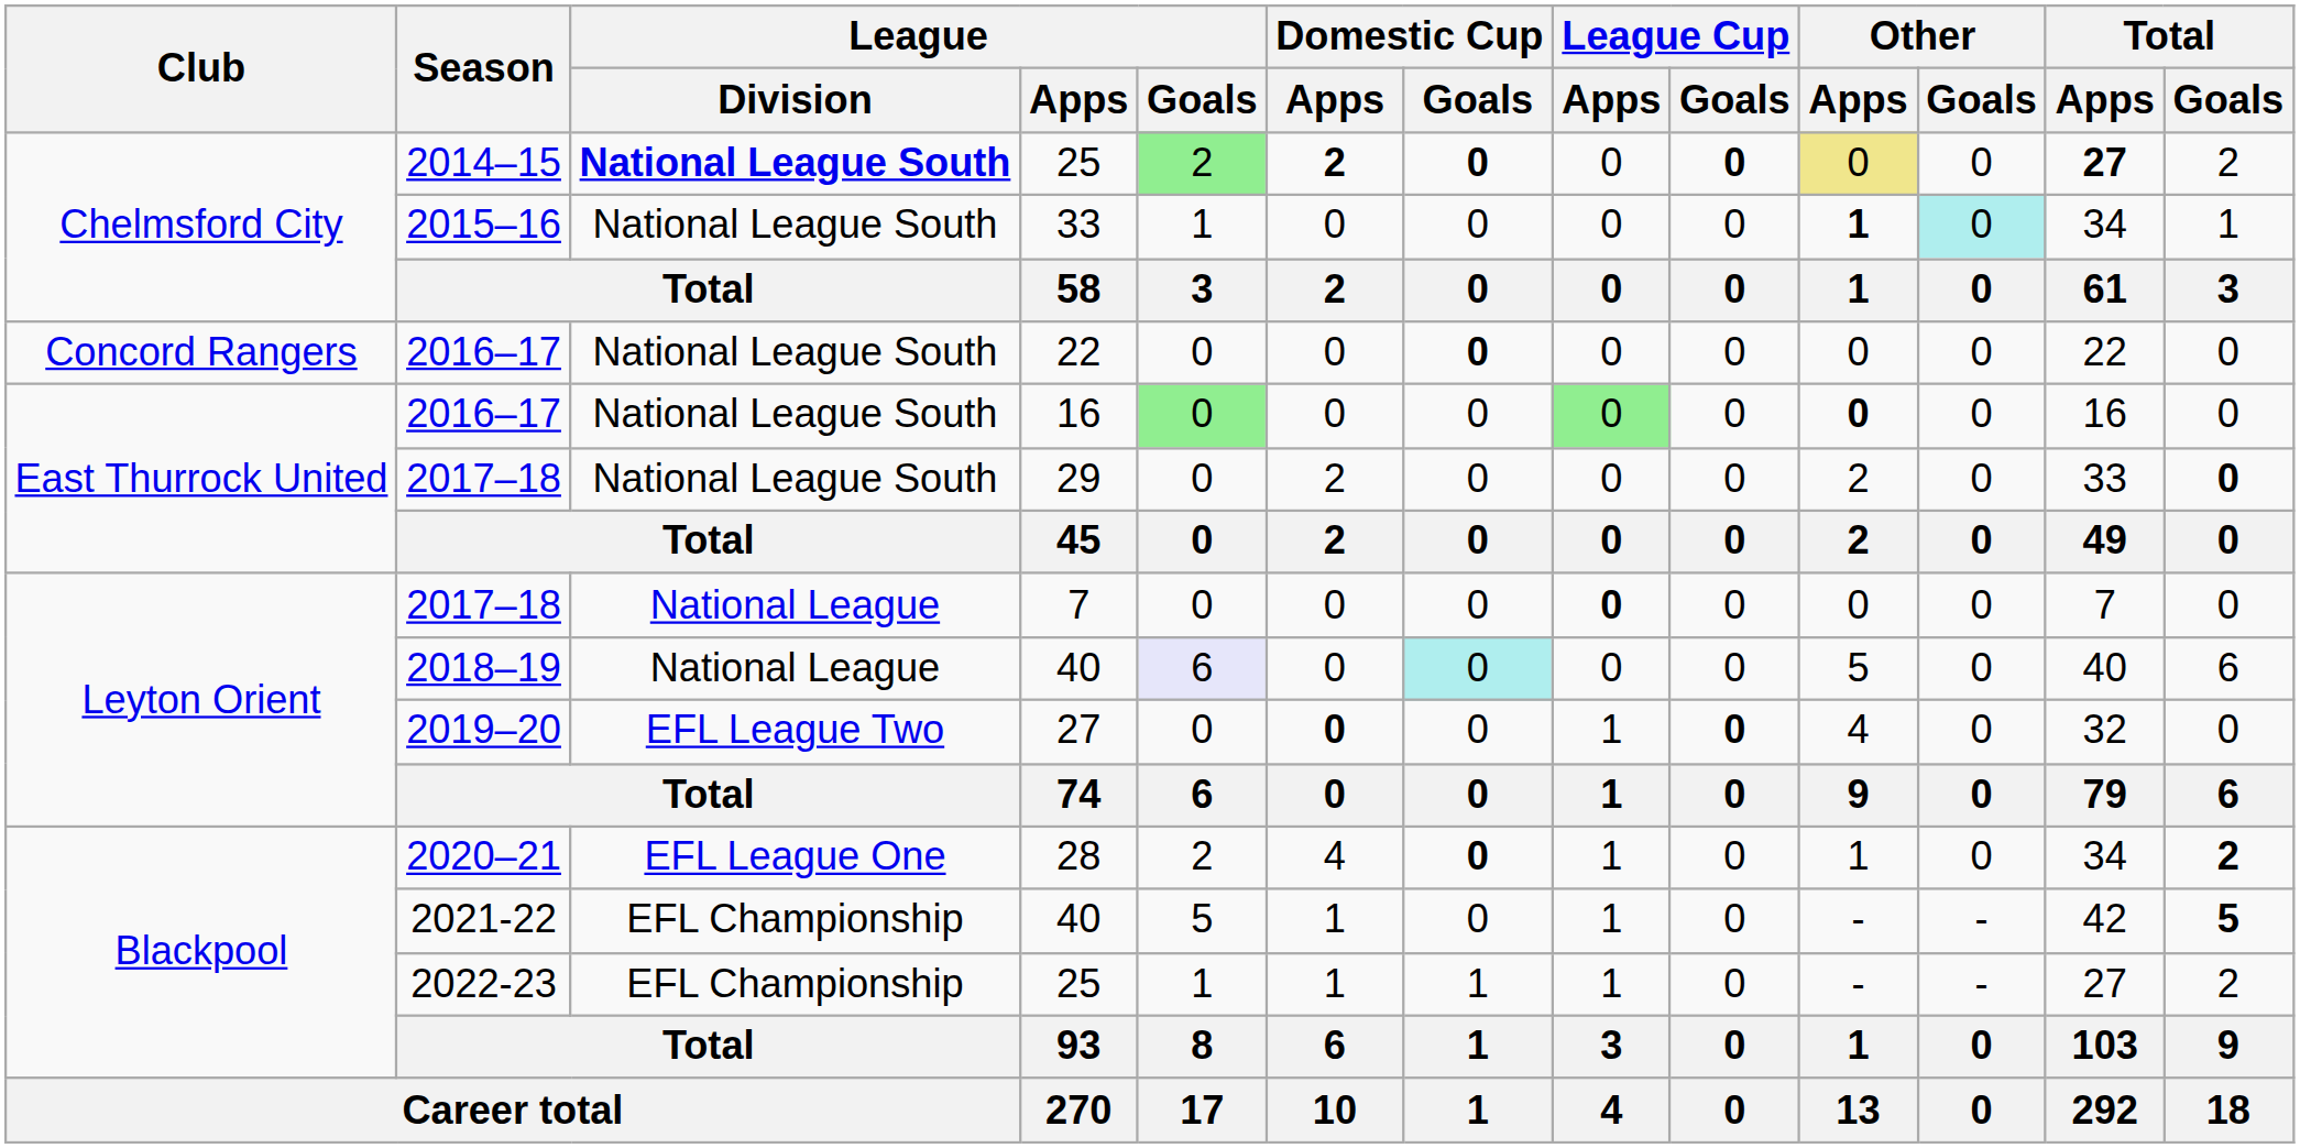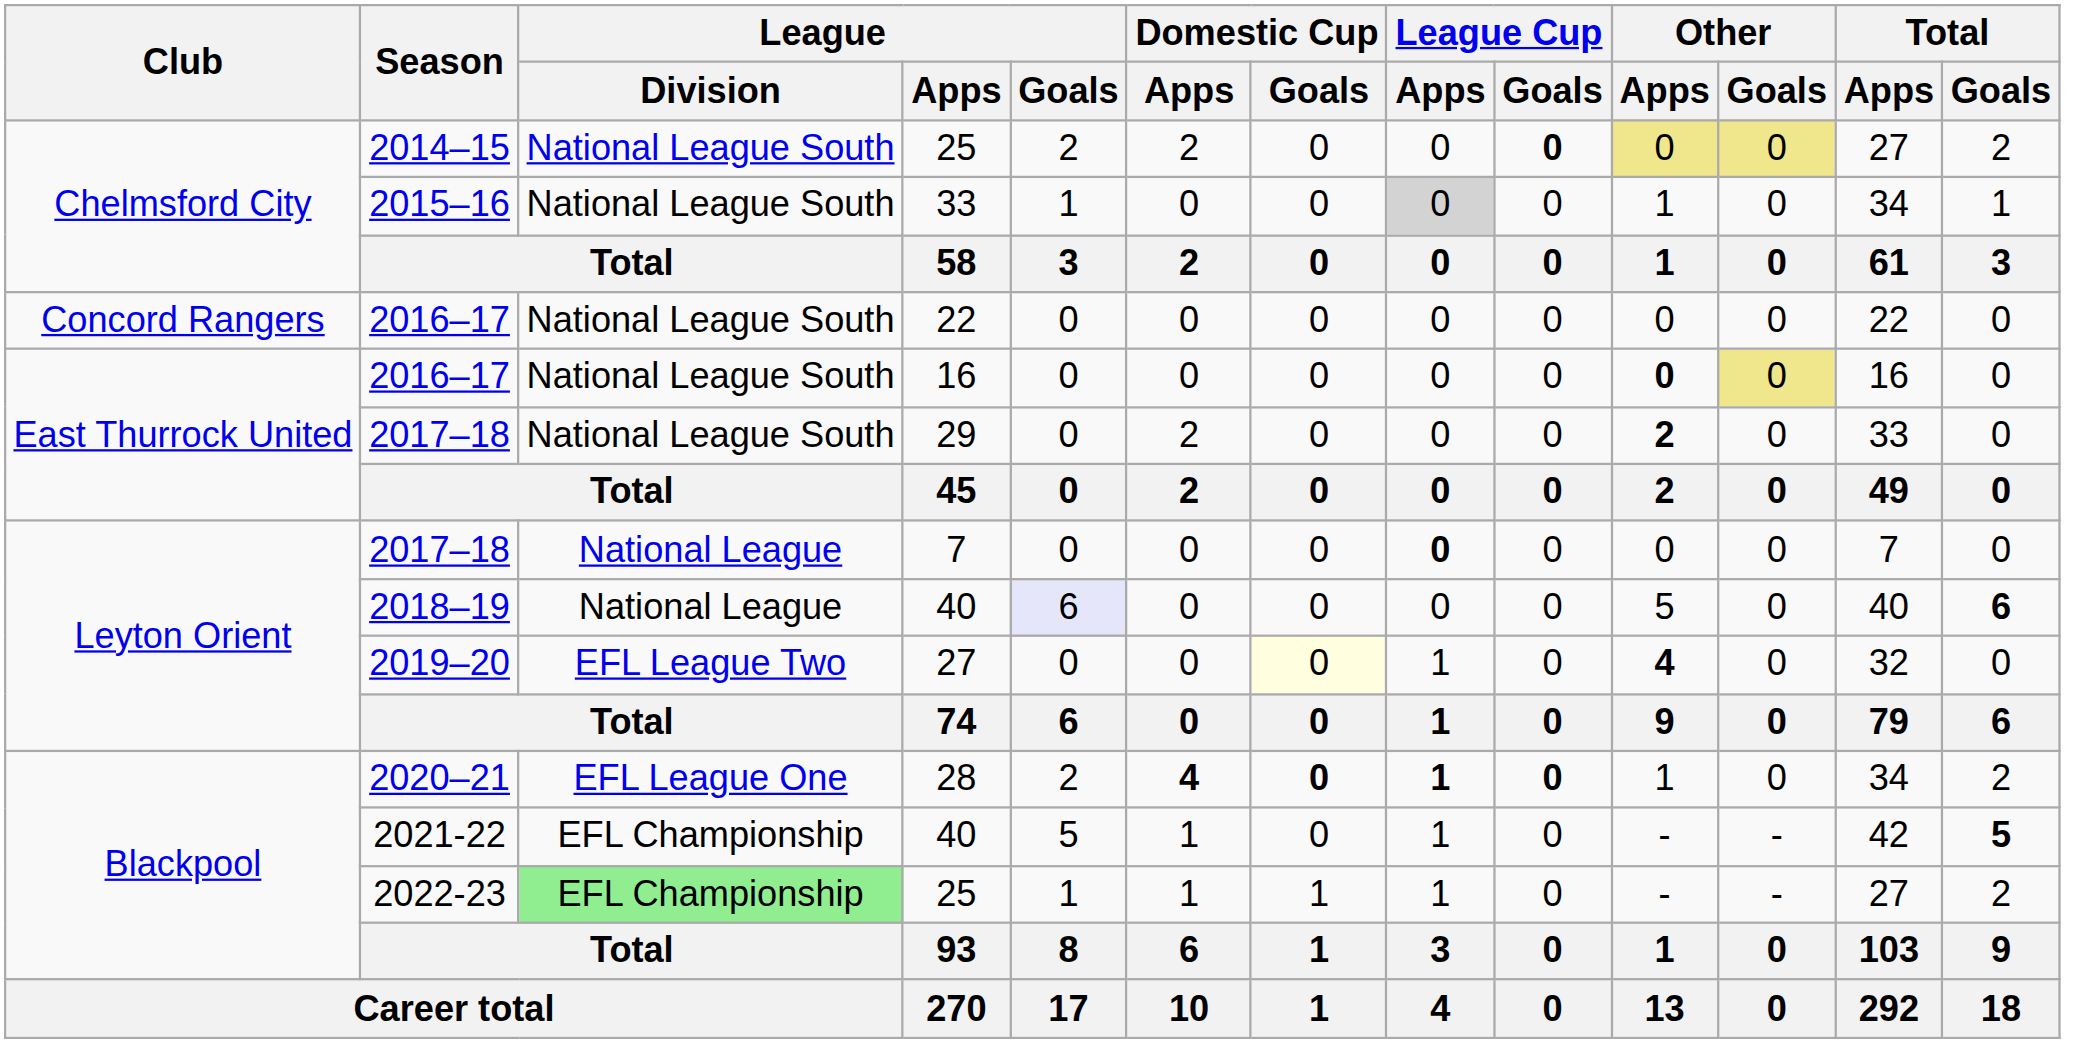 <table class="wikitable" style="text-align:center">
 <tr>
 <th rowspan="2">Club</th>
 <th rowspan="2">Season</th>
 <th colspan="3">League</th>
 <th colspan="2">Domestic Cup</th>
 <th colspan="2"><a href='#'>League Cup</a></th>
 <th colspan="2">Other</th>
 <th colspan="2">Total</th>
 </tr>
 <tr>
 <th>Division</th>
 <th>Apps</th>
 <th>Goals</th>
 <th>Apps</th>
 <th>Goals</th>
 <th>Apps</th>
 <th>Goals</th>
 <th>Apps</th>
 <th>Goals</th>
 <th>Apps</th>
 <th>Goals</th>
 </tr>
 <tr>
 <td rowspan="3"><a href='#'>Chelmsford City</a></td>
 <td><a href='#'>2014–15</a></td>
-<td><strong><a href='#'>National League South</a></strong></td>
+<td><a href='#'>National League South</a></td>
 <td>25</td>
-<td style="background: lightgreen;">2</td>
-<td><strong>2</strong></td>
-<td><strong>0</strong></td>
+<td>2</td>
+<td>2</td>
+<td>0</td>
 <td>0</td>
 <td><strong>0</strong></td>
 <td style="background: khaki;">0</td>
-<td>0</td>
-<td><strong>27</strong></td>
+<td style="background: khaki;">0</td>
+<td>27</td>
 <td>2</td>
 </tr>
 <tr>
 <td><a href='#'>2015–16</a></td>
 <td>National League South</td>
 <td>33</td>
 <td>1</td>
 <td>0</td>
 <td>0</td>
+<td style="background: lightgrey;">0</td>
 <td>0</td>
+<td>1</td>
 <td>0</td>
-<td><strong>1</strong></td>
-<td style="background: paleturquoise;">0</td>
 <td>34</td>
 <td>1</td>
 </tr>
 <tr>
 <th colspan="2">Total</th>
 <th>58</th>
 <th>3</th>
 <th>2</th>
 <th>0</th>
 <th>0</th>
 <th>0</th>
 <th>1</th>
 <th>0</th>
 <th>61</th>
 <th>3</th>
 </tr>
 <tr>
 <td><a href='#'>Concord Rangers</a></td>
 <td><a href='#'>2016–17</a></td>
 <td>National League South</td>
 <td>22</td>
 <td>0</td>
 <td>0</td>
-<td><strong>0</strong></td>
+<td>0</td>
 <td>0</td>
 <td>0</td>
 <td>0</td>
 <td>0</td>
 <td>22</td>
 <td>0</td>
 </tr>
 <tr>
 <td rowspan="3"><a href='#'>East Thurrock United</a></td>
 <td><a href='#'>2016–17</a></td>
 <td>National League South</td>
 <td>16</td>
-<td style="background: lightgreen;">0</td>
 <td>0</td>
 <td>0</td>
-<td style="background: lightgreen;">0</td>
+<td>0</td>
+<td>0</td>
 <td>0</td>
 <td><strong>0</strong></td>
-<td>0</td>
+<td style="background: khaki;">0</td>
 <td>16</td>
 <td>0</td>
 </tr>
 <tr>
 <td><a href='#'>2017–18</a></td>
 <td>National League South</td>
 <td>29</td>
 <td>0</td>
 <td>2</td>
 <td>0</td>
 <td>0</td>
 <td>0</td>
-<td>2</td>
+<td><strong>2</strong></td>
 <td>0</td>
 <td>33</td>
-<td><strong>0</strong></td>
+<td>0</td>
 </tr>
 <tr>
 <th colspan="2">Total</th>
 <th>45</th>
 <th>0</th>
 <th>2</th>
 <th>0</th>
 <th>0</th>
 <th>0</th>
 <th>2</th>
 <th>0</th>
 <th>49</th>
 <th>0</th>
 </tr>
 <tr>
 <td rowspan="4"><a href='#'>Leyton Orient</a></td>
 <td><a href='#'>2017–18</a></td>
 <td><a href='#'>National League</a></td>
 <td>7</td>
 <td>0</td>
 <td>0</td>
 <td>0</td>
 <td><strong>0</strong></td>
 <td>0</td>
 <td>0</td>
 <td>0</td>
 <td>7</td>
 <td>0</td>
 </tr>
 <tr>
 <td><a href='#'>2018–19</a></td>
 <td>National League</td>
 <td>40</td>
 <td style="background: lavender;">6</td>
 <td>0</td>
-<td style="background: paleturquoise;">0</td>
+<td>0</td>
 <td>0</td>
 <td>0</td>
 <td>5</td>
 <td>0</td>
 <td>40</td>
-<td>6</td>
+<td><strong>6</strong></td>
 </tr>
 <tr>
 <td><a href='#'>2019–20</a></td>
 <td><a href='#'>EFL League Two</a></td>
 <td>27</td>
 <td>0</td>
-<td><strong>0</strong></td>
 <td>0</td>
+<td style="background: lightyellow;">0</td>
 <td>1</td>
-<td><strong>0</strong></td>
-<td>4</td>
+<td>0</td>
+<td><strong>4</strong></td>
 <td>0</td>
 <td>32</td>
 <td>0</td>
 </tr>
 <tr>
 <th colspan="2">Total</th>
 <th>74</th>
 <th>6</th>
 <th>0</th>
 <th>0</th>
 <th>1</th>
 <th>0</th>
 <th>9</th>
 <th>0</th>
 <th>79</th>
 <th>6</th>
 </tr>
 <tr>
 <td rowspan="4"><a href='#'>Blackpool</a></td>
 <td><a href='#'>2020–21</a></td>
 <td><a href='#'>EFL League One</a></td>
 <td>28</td>
 <td>2</td>
-<td>4</td>
+<td><strong>4</strong></td>
+<td><strong>0</strong></td>
+<td><strong>1</strong></td>
 <td><strong>0</strong></td>
 <td>1</td>
 <td>0</td>
-<td>1</td>
-<td>0</td>
 <td>34</td>
-<td><strong>2</strong></td>
+<td>2</td>
 </tr>
 <tr>
 <td>2021-22</td>
 <td>EFL Championship</td>
 <td>40</td>
 <td>5</td>
 <td>1</td>
 <td>0</td>
 <td>1</td>
 <td>0</td>
 <td>-</td>
 <td>-</td>
 <td>42</td>
 <td><strong>5</strong></td>
 </tr>
 <tr>
 <td>2022-23</td>
-<td>EFL Championship</td>
+<td style="background: lightgreen;">EFL Championship</td>
 <td>25</td>
 <td>1</td>
 <td>1</td>
 <td>1</td>
 <td>1</td>
 <td>0</td>
 <td>-</td>
 <td>-</td>
 <td>27</td>
 <td>2</td>
 </tr>
 <tr>
 <th colspan="2"><strong>Total</strong></th>
 <th>93</th>
 <th>8</th>
 <th>6</th>
 <th>1</th>
 <th>3</th>
 <th>0</th>
 <th>1</th>
 <th>0</th>
 <th>103</th>
 <th>9</th>
 </tr>
 <tr>
 <th colspan="3">Career total</th>
 <th>270</th>
 <th>17</th>
 <th>10</th>
 <th>1</th>
 <th>4</th>
 <th>0</th>
 <th>13</th>
 <th>0</th>
 <th>292</th>
 <th>18</th>
 </tr>
 </table>
